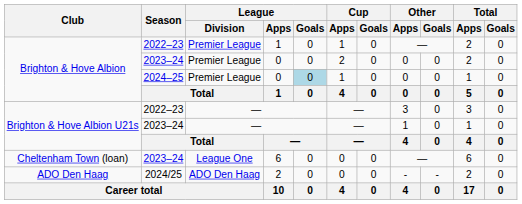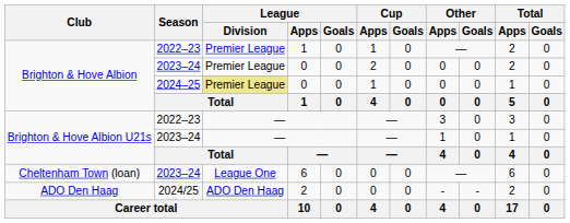 <table class="wikitable" style="text-align:center">
 <tr>
 <th rowspan="2">Club</th>
 <th rowspan="2">Season</th>
 <th colspan="3">League</th>
 <th colspan="2">Cup</th>
 <th colspan="2">Other</th>
 <th colspan="2">Total</th>
 </tr>
 <tr>
 <th>Division</th>
 <th>Apps</th>
 <th>Goals</th>
 <th>Apps</th>
 <th>Goals</th>
 <th>Apps</th>
 <th>Goals</th>
 <th>Apps</th>
 <th>Goals</th>
 </tr>
 <tr>
 <td rowspan="4"><a href='#'>Brighton & Hove Albion</a></td>
 <td><a href='#'>2022–23</a></td>
 <td><a href='#'>Premier League</a></td>
 <td>1</td>
 <td>0</td>
 <td>1</td>
 <td>0</td>
 <td colspan="2">—</td>
 <td>2</td>
 <td>0</td>
 </tr>
 <tr>
 <td><a href='#'>2023–24</a></td>
 <td>Premier League</td>
 <td>0</td>
 <td>0</td>
 <td>2</td>
 <td>0</td>
 <td>0</td>
 <td>0</td>
 <td>2</td>
 <td>0</td>
 </tr>
 <tr>
 <td><a href='#'>2024–25</a></td>
-<td>Premier League</td>
+<td style="background: khaki;">Premier League</td>
 <td>0</td>
-<td style="background: lightblue;">0</td>
+<td>0</td>
 <td>1</td>
 <td>0</td>
 <td>0</td>
 <td>0</td>
 <td>1</td>
 <td>0</td>
 </tr>
 <tr>
 <th colspan="2">Total</th>
 <th>1</th>
 <th>0</th>
 <th>4</th>
 <th>0</th>
 <th>0</th>
 <th>0</th>
 <th>5</th>
 <th>0</th>
 </tr>
 <tr>
 <td rowspan="3"><a href='#'>Brighton & Hove Albion U21s</a></td>
 <td>2022–23</td>
 <td colspan="3">—</td>
 <td colspan="2">—</td>
 <td>3</td>
 <td>0</td>
 <td>3</td>
 <td>0</td>
 </tr>
 <tr>
 <td>2023–24</td>
 <td colspan="3">—</td>
 <td colspan="2">—</td>
 <td>1</td>
 <td>0</td>
 <td>1</td>
 <td>0</td>
 </tr>
 <tr>
 <th colspan="2">Total</th>
 <th colspan="2">—</th>
 <th colspan="2">—</th>
 <th>4</th>
 <th>0</th>
 <th>4</th>
 <th>0</th>
 </tr>
 <tr>
 <td><a href='#'>Cheltenham Town</a> (loan)</td>
 <td><a href='#'>2023–24</a></td>
 <td><a href='#'>League One</a></td>
 <td>6</td>
 <td>0</td>
 <td>0</td>
 <td>0</td>
 <td colspan="2">—</td>
 <td>6</td>
 <td>0</td>
 </tr>
 <tr>
 <td><a href='#'>ADO Den Haag</a></td>
 <td>2024/25</td>
 <td><a href='#'>ADO Den Haag</a></td>
 <td>2</td>
 <td>0</td>
 <td>0</td>
 <td>0</td>
 <td>-</td>
 <td>-</td>
 <td>2</td>
 <td>0</td>
 </tr>
 <tr>
 <th colspan="3">Career total</th>
 <th>10</th>
 <th>0</th>
 <th>4</th>
 <th>0</th>
 <th>4</th>
 <th>0</th>
 <th>17</th>
 <th>0</th>
 </tr>
 </table>
